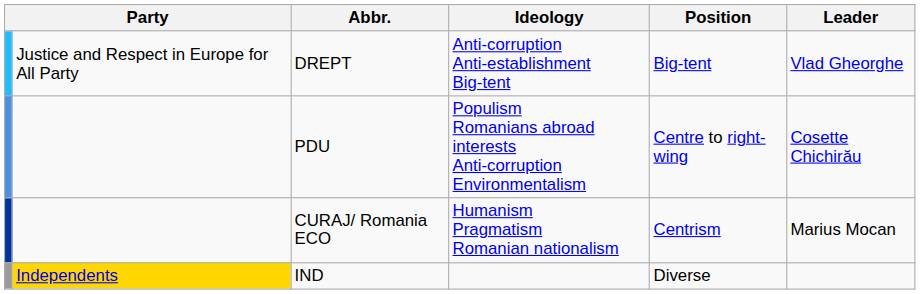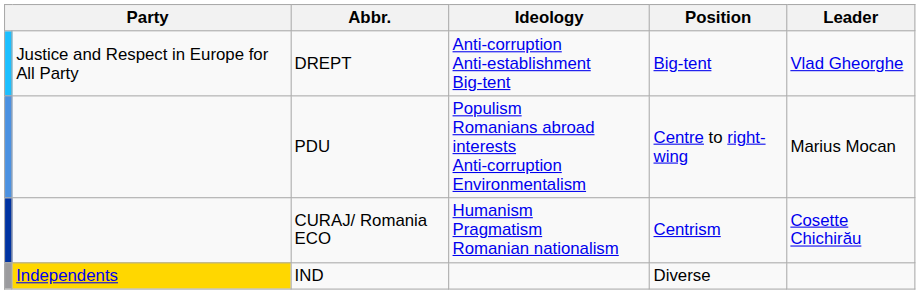 <table class="wikitable" style="text-align:left">
 <tr>
 <th colspan="2">Party</th>
 <th>Abbr.</th>
 <th>Ideology</th>
 <th>Position</th>
 <th>Leader</th>
 </tr>
 <tr>
 <td style="background:#1bbfff;"></td>
 <td>Justice and Respect in Europe for All Party</td>
 <td>DREPT</td>
 <td><a href='#'>Anti-corruption</a><br><a href='#'>Anti-establishment</a><br><a href='#'>Big-tent</a></td>
 <td><a href='#'>Big-tent</a></td>
 <td><a href='#'>Vlad Gheorghe</a></td>
 </tr>
 <tr>
 <td style="background:#4b91e1;"></td>
 <td></td>
 <td>PDU</td>
 <td><a href='#'>Populism</a><br><a href='#'>Romanians abroad interests</a><br><a href='#'>Anti-corruption</a><br><a href='#'>Environmentalism</a></td>
 <td><a href='#'>Centre</a> to <a href='#'>right-wing</a></td>
-<td><a href='#'>Cosette Chichirău</a></td>
+<td>Marius Mocan</td>
 </tr>
 <tr>
 <td style="background:#0033a1;"></td>
 <td></td>
 <td>CURAJ/ Romania ECO</td>
 <td><a href='#'>Humanism</a><br><a href='#'>Pragmatism</a><br><a href='#'>Romanian nationalism</a></td>
 <td><a href='#'>Centrism</a></td>
-<td>Marius Mocan</td>
+<td><a href='#'>Cosette Chichirău</a></td>
 </tr>
 <tr>
 <td style="background:#9b9b9e;"></td>
 <td style="background: gold;"><a href='#'>Independents</a></td>
 <td>IND</td>
 <td></td>
 <td>Diverse</td>
 <td></td>
 </tr>
 </table>
